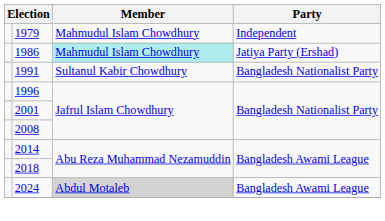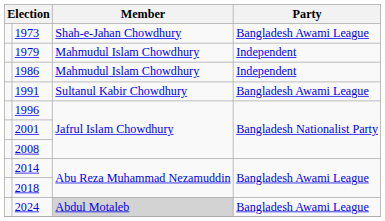 <table class="wikitable">
 <tr>
 <th colspan="2">Election</th>
 <th>Member</th>
 <th>Party</th>
+</tr>
+<tr>
+<td style="background-color:"></td>
+<td><a href='#'>1973</a></td>
+<td><a href='#'>Shah-e-Jahan Chowdhury</a></td>
+<td><a href='#'>Bangladesh Awami League</a></td>
 </tr>
 <tr>
 <td style="background-color:"></td>
 <td><a href='#'>1979</a></td>
 <td><a href='#'>Mahmudul Islam Chowdhury</a></td>
 <td><a href='#'>Independent</a></td>
 </tr>
 <tr>
 <td style="background-color:"></td>
 <td><a href='#'>1986</a></td>
-<td style="background: paleturquoise;"><a href='#'>Mahmudul Islam Chowdhury</a></td>
-<td><a href='#'>Jatiya Party (Ershad)</a></td>
+<td><a href='#'>Mahmudul Islam Chowdhury</a></td>
+<td><a href='#'>Independent</a></td>
 </tr>
 <tr>
 <td style="background-color:"></td>
 <td><a href='#'>1991</a></td>
 <td><a href='#'>Sultanul Kabir Chowdhury</a></td>
-<td><a href='#'>Bangladesh Nationalist Party</a></td>
+<td><a href='#'>Bangladesh Awami League</a></td>
 </tr>
 <tr>
 <td style="background-color:"></td>
 <td><a href='#'>1996</a></td>
 <td rowspan="3"><a href='#'>Jafrul Islam Chowdhury</a></td>
 <td rowspan="3"><a href='#'>Bangladesh Nationalist Party</a></td>
 </tr>
 <tr>
 <td style="background-color:"></td>
 <td><a href='#'>2001</a></td>
 </tr>
 <tr>
 <td style="background-color:"></td>
 <td><a href='#'>2008</a></td>
 </tr>
 <tr>
 <td style="background-color:"></td>
 <td><a href='#'>2014</a></td>
 <td rowspan="2"><a href='#'>Abu Reza Muhammad Nezamuddin</a></td>
 <td rowspan="2"><a href='#'>Bangladesh Awami League</a></td>
 </tr>
 <tr>
 <td style="background-color:"></td>
 <td><a href='#'>2018</a></td>
 </tr>
 <tr>
 <td style="background-color:"></td>
 <td><a href='#'>2024</a></td>
 <td style="background: lightgrey;"><a href='#'>Abdul Motaleb</a></td>
 <td><a href='#'>Bangladesh Awami League</a></td>
 </tr>
 <tr>
 </tr>
 </table>
